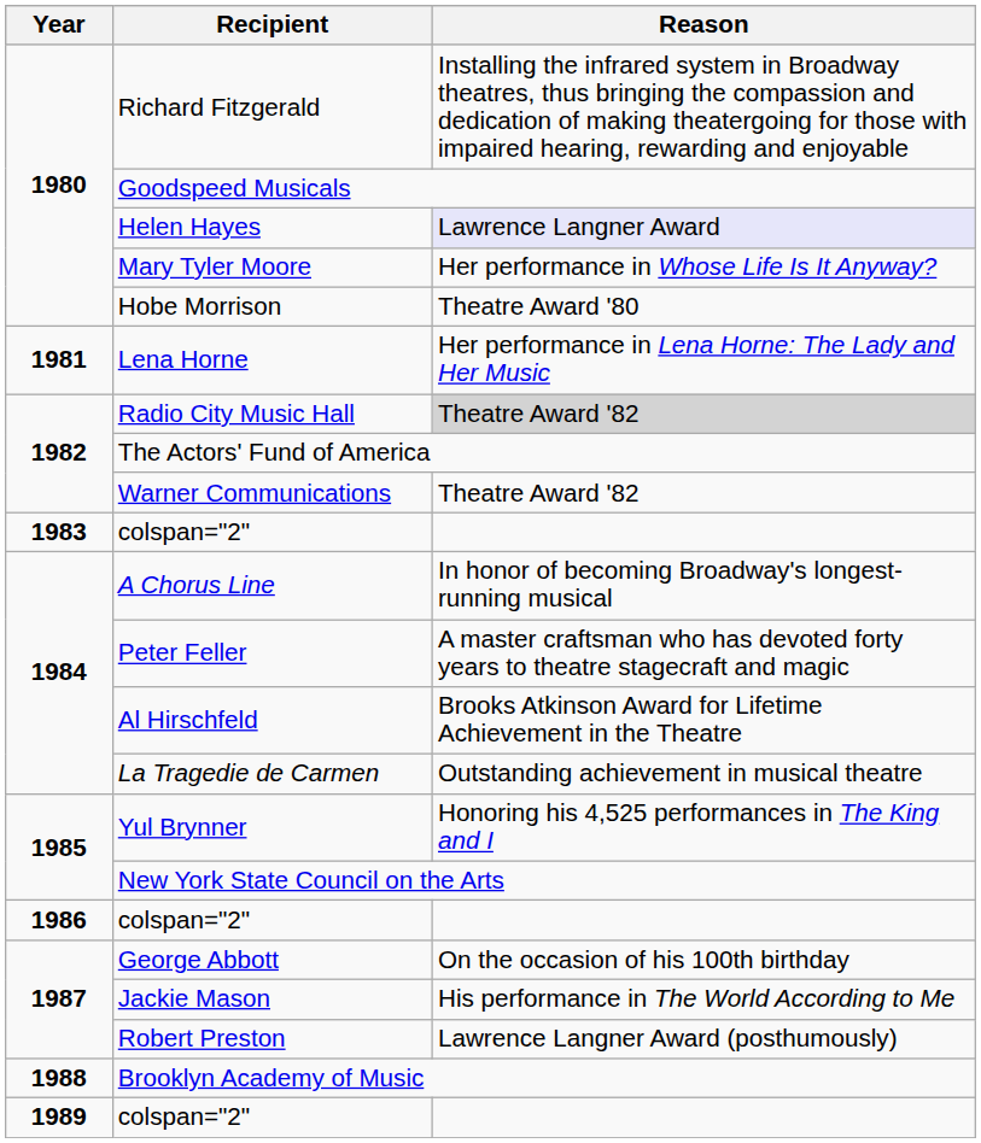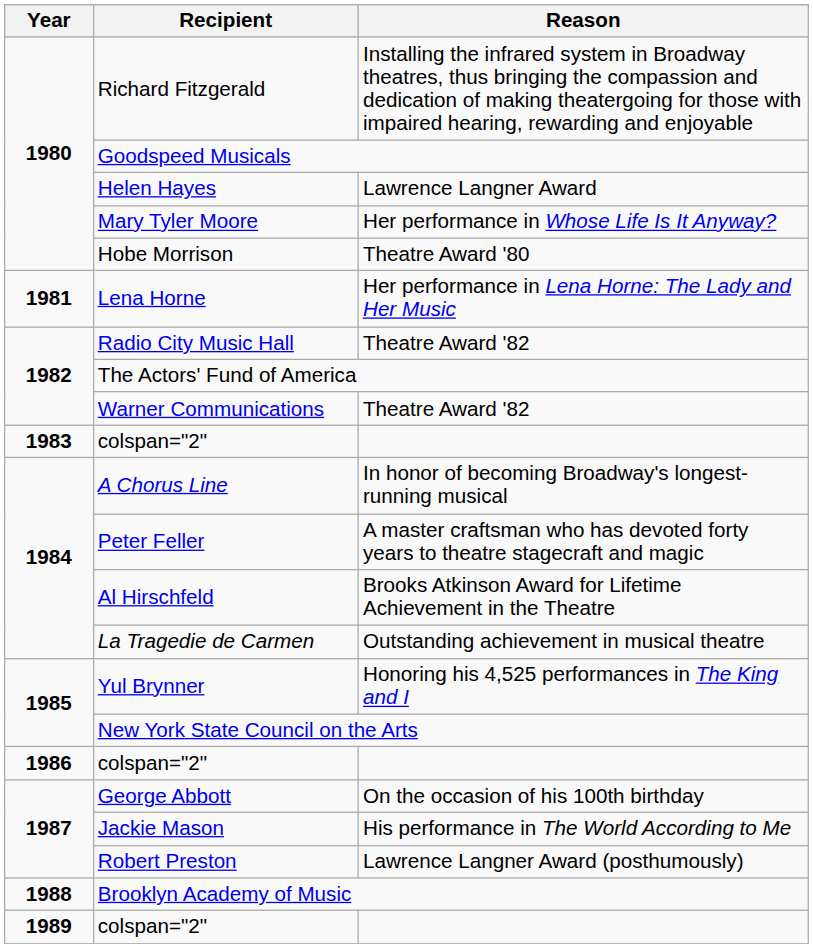 <table class="wikitable" style="width:100%;">
 <tr style="background:#bebebe;">
 <th style="width:11%;">Year</th>
 <th style="width:33%;”">Recipient</th>
 <th style="width:56%;”">Reason</th>
 </tr>
 <tr>
 <td rowspan="5" align="center"><strong>1980</strong><br></td>
 <td>Richard Fitzgerald</td>
 <td>Installing the infrared system in Broadway theatres, thus bringing the compassion and dedication of making theatergoing for those with impaired hearing, rewarding and enjoyable</td>
 </tr>
 <tr>
 <td colspan="2"><a href='#'>Goodspeed Musicals</a></td>
 </tr>
 <tr>
 <td><a href='#'>Helen Hayes</a></td>
-<td style="background: lavender;">Lawrence Langner Award</td>
+<td>Lawrence Langner Award</td>
 </tr>
 <tr>
 <td><a href='#'>Mary Tyler Moore</a></td>
 <td>Her performance in <em><a href='#'>Whose Life Is It Anyway?</a></em></td>
 </tr>
 <tr>
 <td>Hobe Morrison</td>
 <td>Theatre Award '80</td>
 </tr>
 <tr>
 <td align="center"><strong>1981</strong><br></td>
 <td><a href='#'>Lena Horne</a></td>
 <td>Her performance in <em><a href='#'>Lena Horne: The Lady and Her Music</a></em></td>
 </tr>
 <tr>
 <td rowspan="3" align="center"><strong>1982</strong><br></td>
 <td><a href='#'>Radio City Music Hall</a></td>
-<td style="background: lightgrey;">Theatre Award '82</td>
+<td>Theatre Award '82</td>
 </tr>
 <tr>
 <td colspan="2">The Actors' Fund of America</td>
 </tr>
 <tr>
 <td><a href='#'>Warner Communications</a></td>
 <td>Theatre Award '82</td>
 </tr>
 <tr>
 <td align="center"><strong>1983</strong><br></td>
 <td>colspan="2" </td>
 </tr>
 <tr>
 <td rowspan="4" align="center"><strong>1984</strong><br></td>
 <td><em><a href='#'>A Chorus Line</a></em></td>
 <td>In honor of becoming Broadway's longest-running musical</td>
 </tr>
 <tr>
 <td><a href='#'>Peter Feller</a></td>
 <td>A master craftsman who has devoted forty years to theatre stagecraft and magic</td>
 </tr>
 <tr>
 <td><a href='#'>Al Hirschfeld</a></td>
 <td>Brooks Atkinson Award for Lifetime Achievement in the Theatre</td>
 </tr>
 <tr>
 <td><em>La Tragedie de Carmen</em></td>
 <td>Outstanding achievement in musical theatre</td>
 </tr>
 <tr>
 <td rowspan="2" align="center"><strong>1985</strong><br></td>
 <td><a href='#'>Yul Brynner</a></td>
 <td>Honoring his 4,525 performances in <em><a href='#'>The King and I</a></em></td>
 </tr>
 <tr>
 <td colspan="2"><a href='#'>New York State Council on the Arts</a></td>
 </tr>
 <tr>
 <td align="center"><strong>1986</strong><br></td>
 <td>colspan="2" </td>
 </tr>
 <tr>
 <td rowspan="3" align="center"><strong>1987</strong><br></td>
 <td><a href='#'>George Abbott</a></td>
 <td>On the occasion of his 100th birthday</td>
 </tr>
 <tr>
 <td><a href='#'>Jackie Mason</a></td>
 <td>His performance in <em>The World According to Me</em></td>
 </tr>
 <tr>
 <td><a href='#'>Robert Preston</a></td>
 <td>Lawrence Langner Award (posthumously)</td>
 </tr>
 <tr>
 <td align="center"><strong>1988</strong><br></td>
 <td colspan="2"><a href='#'>Brooklyn Academy of Music</a></td>
 </tr>
 <tr>
 <td align="center"><strong>1989</strong><br></td>
 <td>colspan="2" </td>
 </tr>
 </table>
